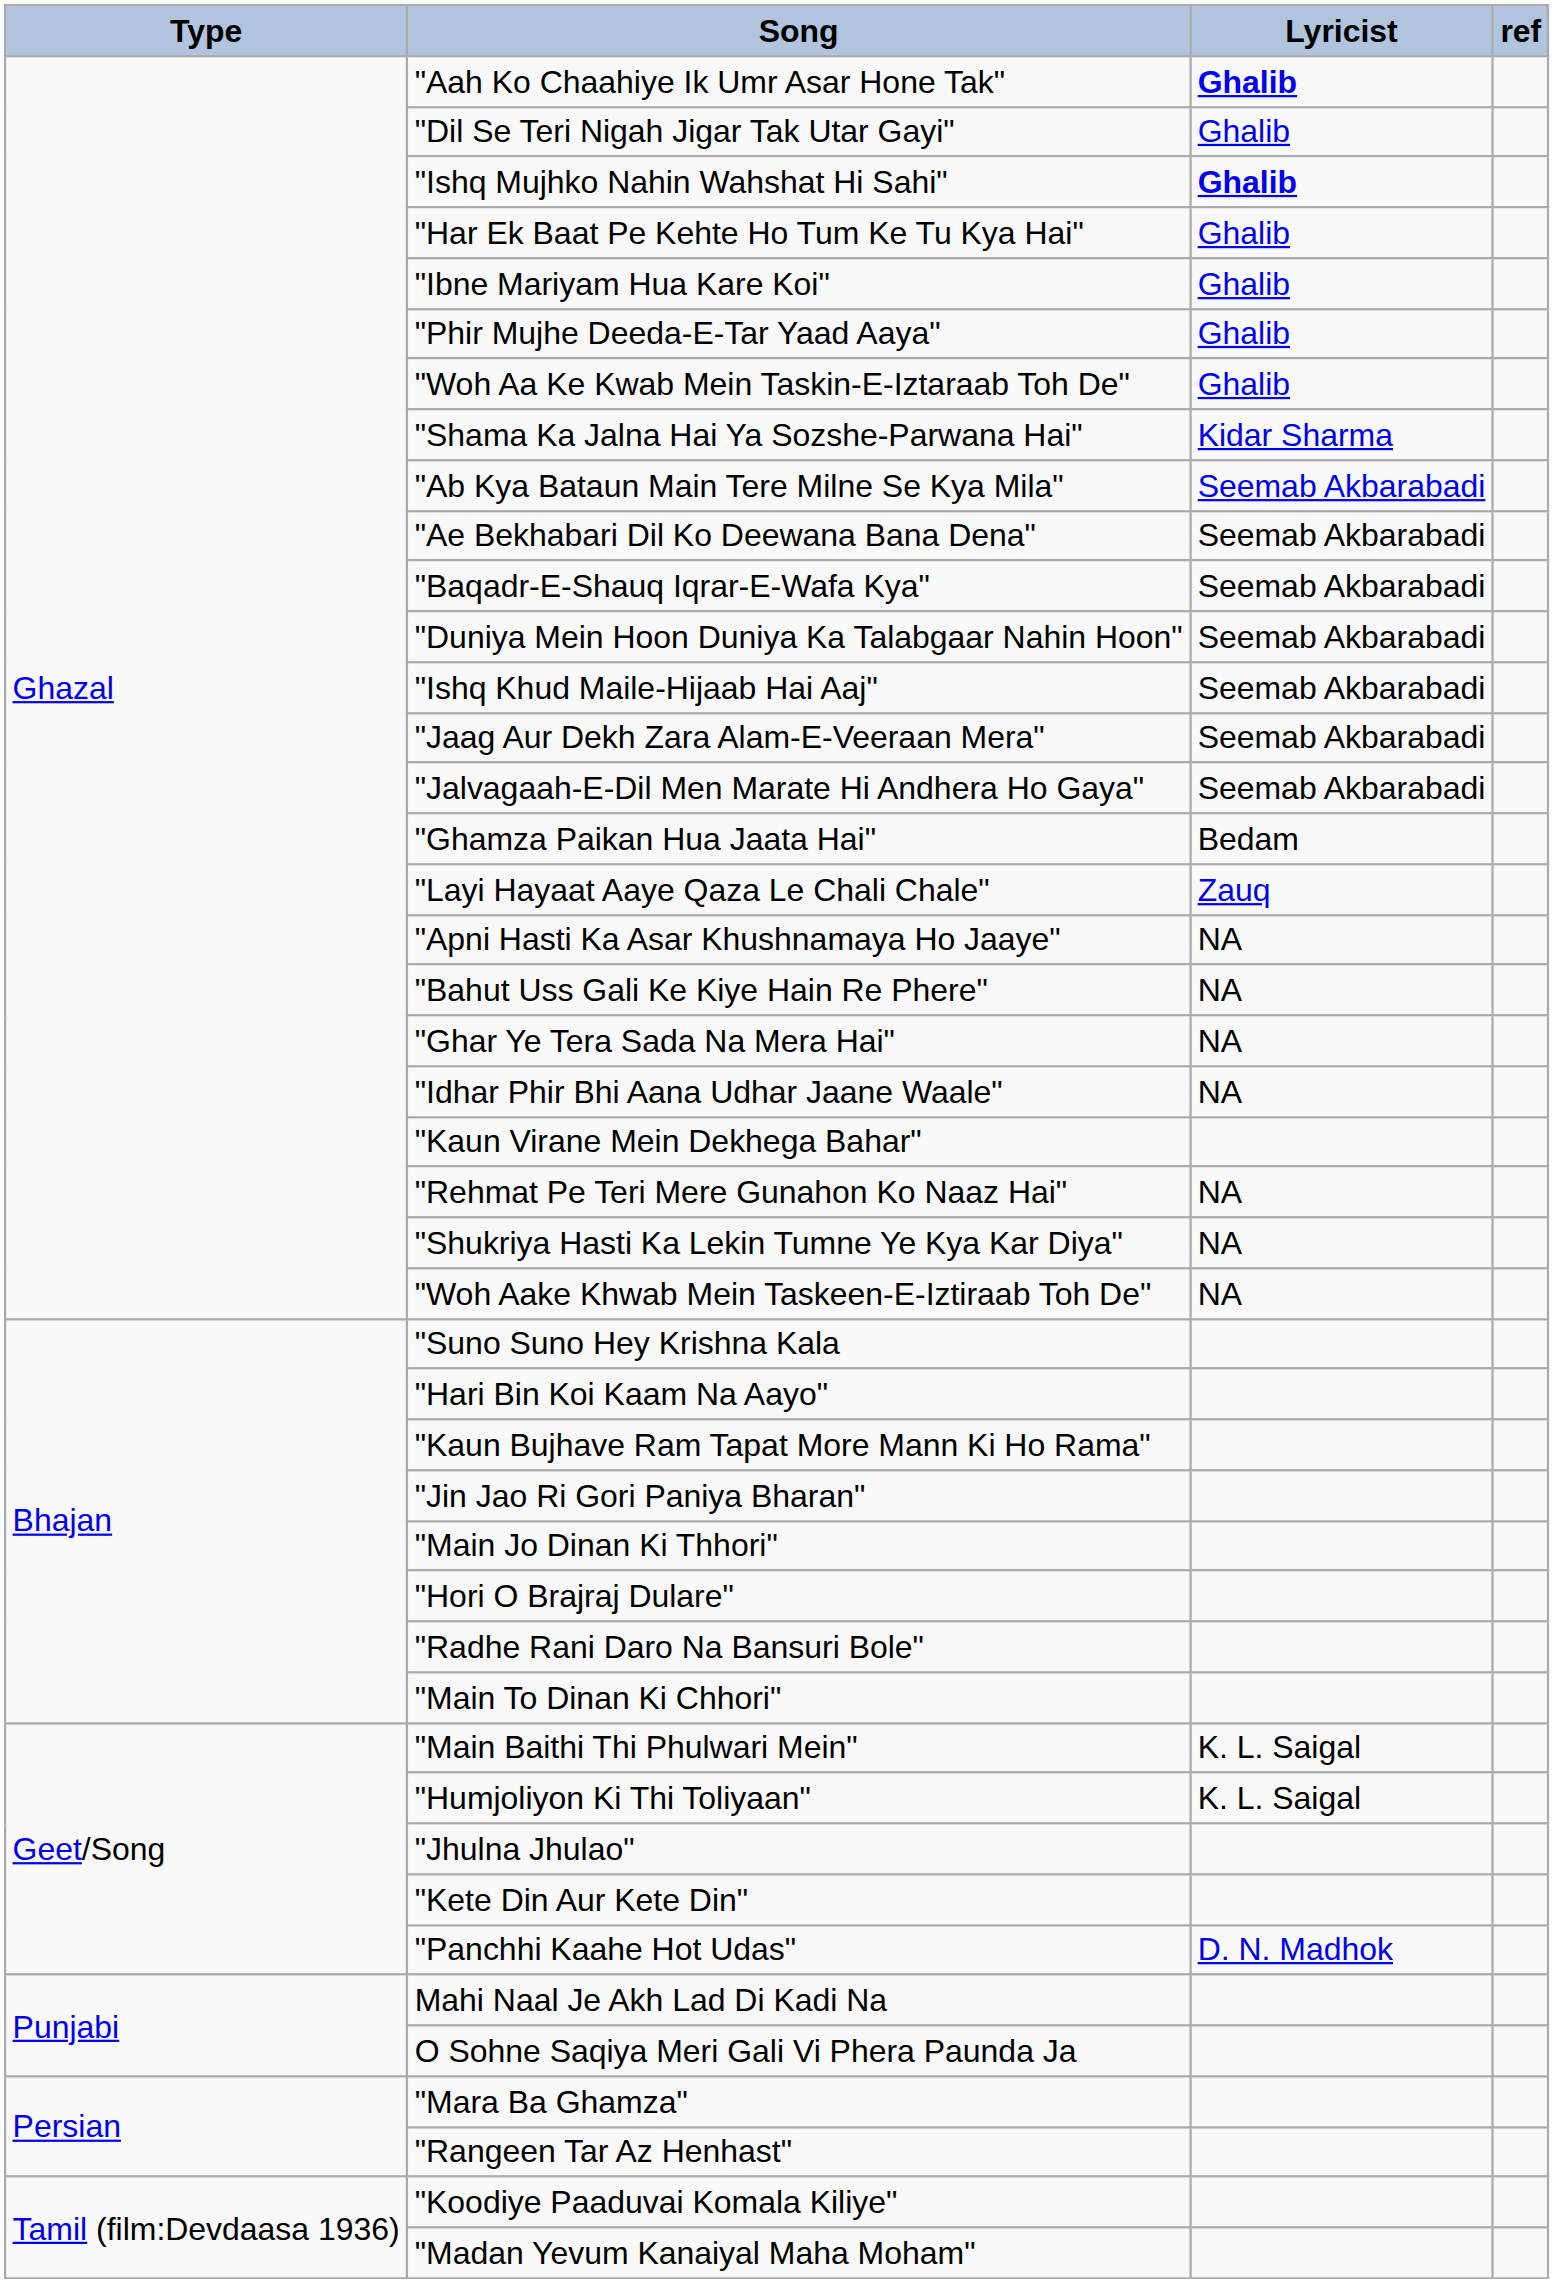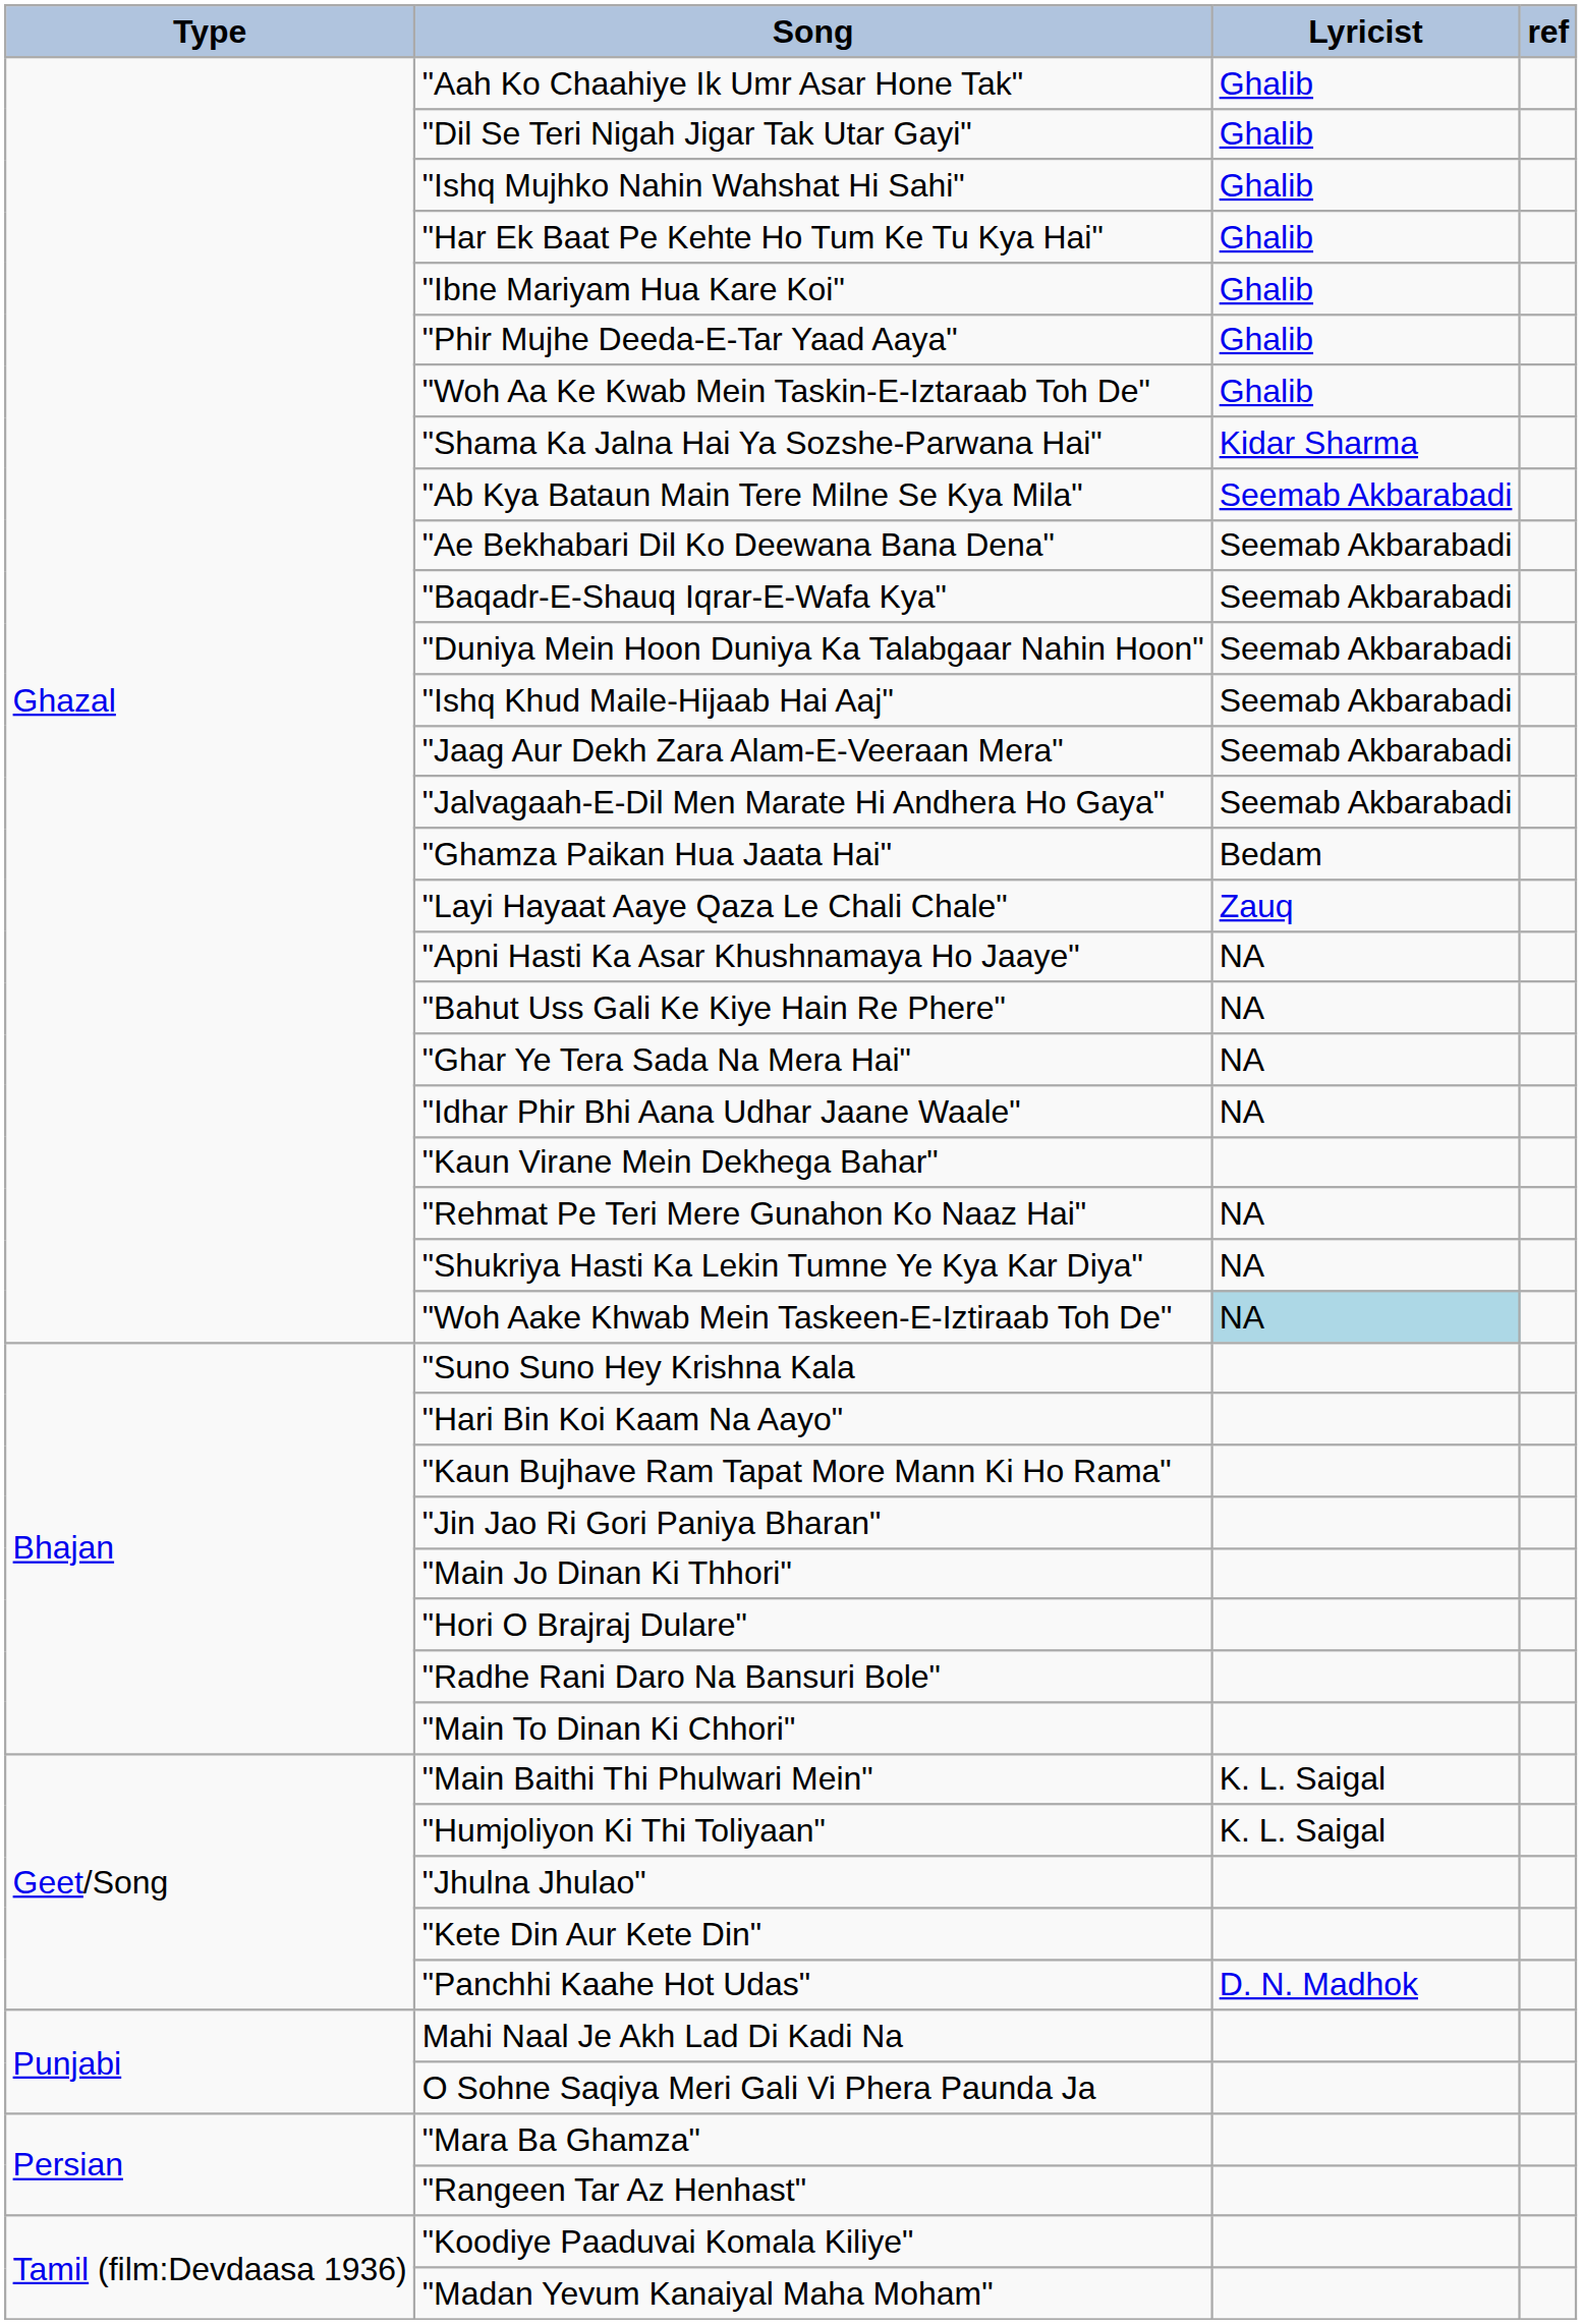 <table class="wikitable" style="font-size:90%">
 <tr>
 <th style="background:#B0C4DE;">Type</th>
 <th style="background:#B0C4DE;">Song</th>
 <th style="background:#B0C4DE;">Lyricist</th>
 <th style="background:#B0C4DE;">ref</th>
 </tr>
 <tr>
 <td rowspan="25"> <a href='#'>Ghazal</a></td>
 <td>"Aah Ko Chaahiye Ik Umr Asar Hone Tak"</td>
-<td><strong><a href='#'>Ghalib</a></strong></td>
+<td><a href='#'>Ghalib</a></td>
 <td></td>
 </tr>
 <tr>
 <td>"Dil Se Teri Nigah Jigar Tak Utar Gayi"</td>
 <td><a href='#'>Ghalib</a></td>
 <td></td>
 </tr>
 <tr>
 <td>"Ishq Mujhko Nahin Wahshat Hi Sahi"</td>
-<td><strong><a href='#'>Ghalib</a></strong></td>
+<td><a href='#'>Ghalib</a></td>
 <td></td>
 </tr>
 <tr>
 <td>"Har Ek Baat Pe Kehte Ho Tum Ke Tu Kya Hai"</td>
 <td><a href='#'>Ghalib</a></td>
 <td></td>
 </tr>
 <tr>
 <td>"Ibne Mariyam Hua Kare Koi"</td>
 <td><a href='#'>Ghalib</a></td>
 <td></td>
 </tr>
 <tr>
 <td>"Phir Mujhe Deeda-E-Tar Yaad Aaya"</td>
 <td><a href='#'>Ghalib</a></td>
 <td></td>
 </tr>
 <tr>
 <td>"Woh Aa Ke Kwab Mein Taskin-E-Iztaraab Toh De"</td>
 <td><a href='#'>Ghalib</a></td>
 <td></td>
 </tr>
 <tr>
 <td>"Shama Ka Jalna Hai Ya Sozshe-Parwana Hai"</td>
 <td><a href='#'>Kidar Sharma</a></td>
 <td></td>
 </tr>
 <tr>
 <td>"Ab Kya Bataun Main Tere Milne Se Kya Mila"</td>
 <td><a href='#'>Seemab Akbarabadi</a></td>
 <td></td>
 </tr>
 <tr>
 <td>"Ae Bekhabari Dil Ko Deewana Bana Dena"</td>
 <td>Seemab Akbarabadi</td>
 <td></td>
 </tr>
 <tr>
 <td>"Baqadr-E-Shauq Iqrar-E-Wafa Kya"</td>
 <td>Seemab Akbarabadi</td>
 <td></td>
 </tr>
 <tr>
 <td>"Duniya Mein Hoon Duniya Ka Talabgaar Nahin Hoon"</td>
 <td>Seemab Akbarabadi</td>
 <td></td>
 </tr>
 <tr>
 <td>"Ishq Khud Maile-Hijaab Hai Aaj"</td>
 <td>Seemab Akbarabadi</td>
 <td></td>
 </tr>
 <tr>
 <td>"Jaag Aur Dekh Zara Alam-E-Veeraan Mera"</td>
 <td>Seemab Akbarabadi</td>
 <td></td>
 </tr>
 <tr>
 <td>"Jalvagaah-E-Dil Men Marate Hi Andhera Ho Gaya"</td>
 <td>Seemab Akbarabadi</td>
 <td></td>
 </tr>
 <tr>
 <td>"Ghamza Paikan Hua Jaata Hai"</td>
 <td>Bedam</td>
 <td></td>
 </tr>
 <tr>
 <td>"Layi Hayaat Aaye Qaza Le Chali Chale"</td>
 <td><a href='#'>Zauq</a></td>
 <td></td>
 </tr>
 <tr>
 <td>"Apni Hasti Ka Asar Khushnamaya Ho Jaaye"</td>
 <td>NA</td>
 <td></td>
 </tr>
 <tr>
 <td>"Bahut Uss Gali Ke Kiye Hain Re Phere"</td>
 <td>NA</td>
 <td></td>
 </tr>
 <tr>
 <td>"Ghar Ye Tera Sada Na Mera Hai"</td>
 <td>NA</td>
 <td></td>
 </tr>
 <tr>
 <td>"Idhar Phir Bhi Aana Udhar Jaane Waale"</td>
 <td>NA</td>
 <td></td>
 </tr>
 <tr>
 <td>"Kaun Virane Mein Dekhega Bahar"</td>
 <td></td>
 <td></td>
 </tr>
 <tr>
 <td>"Rehmat Pe Teri Mere Gunahon Ko Naaz Hai"</td>
 <td>NA</td>
 <td></td>
 </tr>
 <tr>
 <td>"Shukriya Hasti Ka Lekin Tumne Ye Kya Kar Diya"</td>
 <td>NA</td>
 <td></td>
 </tr>
 <tr>
 <td>"Woh Aake Khwab Mein Taskeen-E-Iztiraab Toh De"</td>
-<td>NA</td>
+<td style="background: lightblue;">NA</td>
 <td></td>
 </tr>
 <tr>
 <td rowspan="8"> <a href='#'>Bhajan</a></td>
 <td>"Suno Suno Hey Krishna Kala</td>
 <td></td>
 <td></td>
 </tr>
 <tr>
 <td>"Hari Bin Koi Kaam Na Aayo"</td>
 <td></td>
 <td></td>
 </tr>
 <tr>
 <td>"Kaun Bujhave Ram Tapat More Mann Ki Ho Rama"</td>
 <td></td>
 <td></td>
 </tr>
 <tr>
 <td>"Jin Jao Ri Gori Paniya Bharan"</td>
 <td></td>
 <td></td>
 </tr>
 <tr>
 <td>"Main Jo Dinan Ki Thhori"</td>
 <td></td>
 <td></td>
 </tr>
 <tr>
 <td>"Hori O Brajraj Dulare"</td>
 <td></td>
 <td></td>
 </tr>
 <tr>
 <td>"Radhe Rani Daro Na Bansuri Bole"</td>
 <td></td>
 <td></td>
 </tr>
 <tr>
 <td>"Main To Dinan Ki Chhori"</td>
 <td></td>
 <td></td>
 </tr>
 <tr>
 <td rowspan="5"> <a href='#'>Geet</a>/Song</td>
 <td>"Main Baithi Thi Phulwari Mein"</td>
 <td>K. L. Saigal</td>
 <td></td>
 </tr>
 <tr>
 <td>"Humjoliyon Ki Thi Toliyaan"</td>
 <td>K. L. Saigal</td>
 <td></td>
 </tr>
 <tr>
 <td>"Jhulna Jhulao"</td>
 <td></td>
 <td></td>
 </tr>
 <tr>
 <td>"Kete Din Aur Kete Din"</td>
 <td></td>
 <td></td>
 </tr>
 <tr>
 <td>"Panchhi Kaahe Hot Udas"</td>
 <td><a href='#'>D. N. Madhok</a></td>
 <td></td>
 </tr>
 <tr>
 <td rowspan="2"> <a href='#'>Punjabi</a></td>
 <td>Mahi Naal Je Akh Lad Di Kadi Na</td>
 <td></td>
 <td></td>
 </tr>
 <tr>
 <td>O Sohne Saqiya Meri Gali Vi Phera Paunda Ja</td>
 <td></td>
 <td></td>
 </tr>
 <tr>
 <td rowspan="2"> <a href='#'>Persian</a></td>
 <td>"Mara Ba Ghamza"</td>
 <td></td>
 <td></td>
 </tr>
 <tr>
 <td>"Rangeen Tar Az Henhast"</td>
 <td></td>
 <td></td>
 </tr>
 <tr>
 <td rowspan="2"> <a href='#'>Tamil</a> (film:Devdaasa 1936)</td>
 <td>"Koodiye Paaduvai Komala Kiliye"</td>
 <td></td>
 <td></td>
 </tr>
 <tr>
 <td>"Madan Yevum Kanaiyal Maha Moham"</td>
 <td></td>
 <td></td>
 </tr>
 </table>
